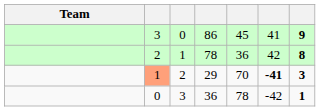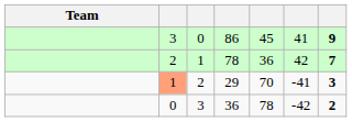 <table class="wikitable" style="text-align:center;">
 <tr>
 <th style="width:10.5em;">Team</th>
 <th style="width:1.5em;"></th>
 <th style="width:1.5em;"></th>
 <th style="width:2.0em;"></th>
 <th style="width:2.0em;"></th>
 <th style="width:2.0em;"></th>
 <th style="width:1.5em;"></th>
 </tr>
 <tr bgcolor=#cfc>
 <td align="left"></td>
 <td>3</td>
 <td>0</td>
 <td>86</td>
 <td>45</td>
 <td>41</td>
 <td><strong>9</strong></td>
 </tr>
 <tr bgcolor=#cfc>
 <td align="left"></td>
 <td>2</td>
 <td>1</td>
 <td>78</td>
 <td>36</td>
 <td>42</td>
-<td><strong>8</strong></td>
+<td><strong>7</strong></td>
 </tr>
 <tr>
 <td align="left"></td>
 <td style="background: lightsalmon;">1</td>
 <td>2</td>
 <td>29</td>
 <td>70</td>
-<td><strong>-41</strong></td>
+<td>-41</td>
 <td><strong>3</strong></td>
 </tr>
 <tr>
 <td align="left"></td>
 <td>0</td>
 <td>3</td>
 <td>36</td>
 <td>78</td>
 <td>-42</td>
-<td><strong>1</strong></td>
+<td><strong>2</strong></td>
 </tr>
 </table>
